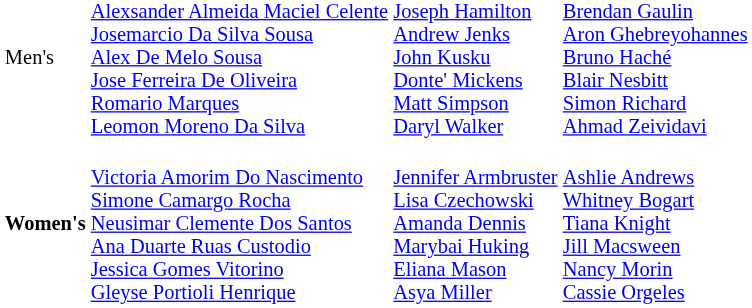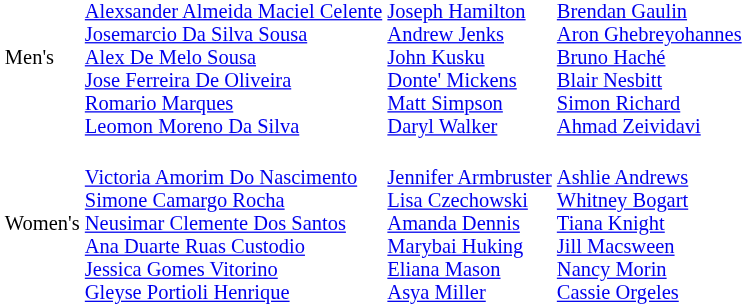 <table>
 <tr>
 <td>Men's</td>
 <td><br><a href='#'>Alexsander Almeida Maciel Celente</a><br><a href='#'>Josemarcio Da Silva Sousa</a><br><a href='#'>Alex De Melo Sousa</a><br><a href='#'>Jose Ferreira De Oliveira</a><br><a href='#'>Romario Marques</a><br><a href='#'>Leomon Moreno Da Silva</a></td>
 <td><br><a href='#'>Joseph Hamilton</a><br><a href='#'>Andrew Jenks</a><br><a href='#'>John Kusku</a><br><a href='#'>Donte' Mickens</a><br><a href='#'>Matt Simpson</a><br><a href='#'>Daryl Walker</a></td>
 <td><br><a href='#'>Brendan Gaulin</a><br><a href='#'>Aron Ghebreyohannes</a><br><a href='#'>Bruno Haché</a><br><a href='#'>Blair Nesbitt</a><br><a href='#'>Simon Richard</a><br><a href='#'>Ahmad Zeividavi</a></td>
 </tr>
 <tr>
-<td><strong>Women's</strong></td>
+<td>Women's</td>
 <td><br><a href='#'>Victoria Amorim Do Nascimento</a><br><a href='#'>Simone Camargo Rocha</a><br><a href='#'>Neusimar Clemente Dos Santos</a><br><a href='#'>Ana Duarte Ruas Custodio</a><br><a href='#'>Jessica Gomes Vitorino</a><br><a href='#'>Gleyse Portioli Henrique</a></td>
 <td><br><a href='#'>Jennifer Armbruster</a><br><a href='#'>Lisa Czechowski</a><br><a href='#'>Amanda Dennis</a><br><a href='#'>Marybai Huking</a><br><a href='#'>Eliana Mason</a><br><a href='#'>Asya Miller</a></td>
 <td><br><a href='#'>Ashlie Andrews</a><br><a href='#'>Whitney Bogart</a><br><a href='#'>Tiana Knight</a><br><a href='#'>Jill Macsween</a><br><a href='#'>Nancy Morin</a><br><a href='#'>Cassie Orgeles</a></td>
 </tr>
 </table>
